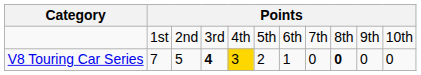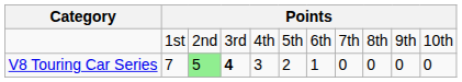 <table class="wikitable">
 <tr>
 <th>Category</th>
 <th colspan="10">Points</th>
 </tr>
 <tr>
 <td></td>
 <td>1st</td>
 <td>2nd</td>
 <td>3rd</td>
 <td>4th</td>
 <td>5th</td>
 <td>6th</td>
 <td>7th</td>
 <td>8th</td>
 <td>9th</td>
 <td>10th</td>
 </tr>
 <tr>
 <td><a href='#'>V8 Touring Car Series</a></td>
 <td>7</td>
-<td>5</td>
+<td style="background: lightgreen;">5</td>
 <td><strong>4</strong></td>
-<td style="background: gold;">3</td>
+<td>3</td>
 <td>2</td>
 <td>1</td>
 <td>0</td>
-<td><strong>0</strong></td>
+<td>0</td>
 <td>0</td>
 <td>0</td>
 </tr>
 </table>
